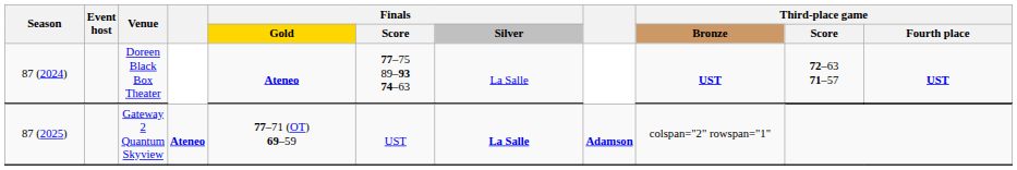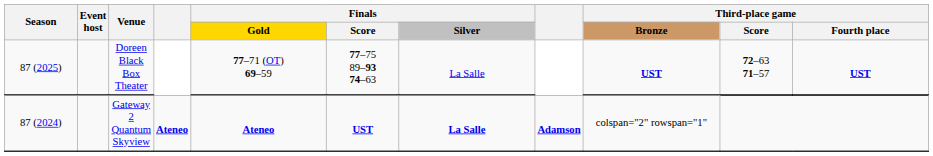 <table class="wikitable" style="text-align:center; font-size:90%;" cellpadding="3" cellspacing="0">
 <tr>
 <th width=8% rowspan=2>Season</th>
 <th rowspan=2>Event host</th>
 <th rowspan=2>Venue</th>
 <th rowspan="2" style="width:1%;"></th>
 <th colspan=3>Finals</th>
 <th width=1% rowspan=2></th>
 <th colspan=4>Third-place game</th>
 </tr>
 <tr>
 <th width=15%; style="background:gold;">Gold</th>
 <th width=8%>Score</th>
 <th width=15%; style="background:silver;">Silver</th>
 <th width=15%; style="background:#cc9966;" colspan=2>Bronze</th>
 <th width=8%>Score</th>
 <th width=15%>Fourth place</th>
 </tr>
 <tr>
-<td>87 (<a href='#'>2024</a>)</td>
+<td>87 (<a href='#'>2025</a>)</td>
 <td><br></td>
 <td><a href='#'>Doreen Black Box Theater</a></td>
 <td style="background-color:white;" rowspan="2"></td>
-<td><br><strong><a href='#'>Ateneo</a></strong></td>
+<td><strong>77</strong>–71 (<a href='#'>OT</a>)<br><strong>69</strong>–59</td>
 <td><strong>77</strong>–75<br>89–<strong>93</strong><br><strong>74</strong>–63</td>
 <td><br><a href='#'>La Salle</a></td>
 <td style="background-color:white;" rowspan="2"></td>
 <td colspan="2"><br><strong><a href='#'>UST</a></strong></td>
 <td><strong>72</strong>–63<br><strong>71</strong>–57</td>
 <td><strong><br><a href='#'>UST</a></strong></td>
 </tr>
 <tr style="border-top:2px solid black;">
 </tr>
 <tr>
-<td>87 (<a href='#'>2025</a>)</td>
+<td>87 (<a href='#'>2024</a>)</td>
 <td><br></td>
 <td><a href='#'>Gateway 2 Quantum Skyview</a></td>
 <td><br><strong><a href='#'>Ateneo</a></strong></td>
-<td><strong>77</strong>–71 (<a href='#'>OT</a>)<br><strong>69</strong>–59</td>
-<td><br><a href='#'>UST</a></td>
+<td><br><strong><a href='#'>Ateneo</a></strong></td>
+<td><strong><br><a href='#'>UST</a></strong></td>
 <td><br><strong><a href='#'>La Salle</a></strong></td>
 <td><br><strong><a href='#'>Adamson</a></strong></td>
 <td>colspan="2" rowspan="1" </td>
 </tr>
 <tr style="border-top:2px solid black;">
 </tr>
 </table>
